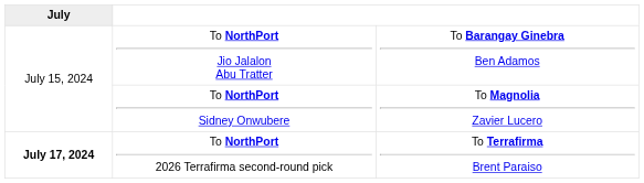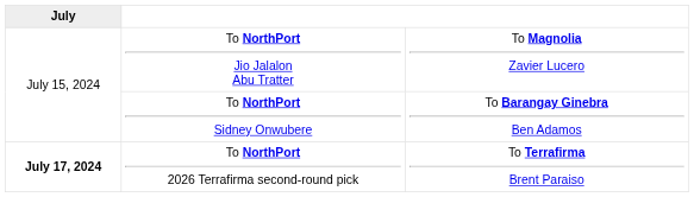 <table border=1 style="border-collapse:collapse; text-align: center; width: 100%" bordercolor="#DFDFDF"  cellpadding="5">
 <tr bgcolor="eeeeee">
 <th>July</th>
 </tr>
 <tr>
 <td style="width:12%" rowspan=2>July 15, 2024</td>
 <td style="width:29.3%" valign="top">To <strong><a href='#'>NorthPort</a></strong><hr><a href='#'>Jio Jalalon</a><br><a href='#'>Abu Tratter</a></td>
-<td style="width:29.3%" valign="top">To <strong><a href='#'>Barangay Ginebra</a></strong><hr><a href='#'>Ben Adamos</a></td>
+<td style="width:29.3%" valign="top">To <strong><a href='#'>Magnolia</a></strong><hr><a href='#'>Zavier Lucero</a></td>
 </tr>
 <tr>
 <td style="width:29.3%" valign="top">To <strong><a href='#'>NorthPort</a></strong><hr><a href='#'>Sidney Onwubere</a></td>
-<td style="width:29.3%" valign="top">To <strong><a href='#'>Magnolia</a></strong><hr><a href='#'>Zavier Lucero</a></td>
+<td style="width:29.3%" valign="top">To <strong><a href='#'>Barangay Ginebra</a></strong><hr><a href='#'>Ben Adamos</a></td>
 </tr>
 <tr>
 <td style="width:12%"><strong>July 17, 2024</strong></td>
 <td style="width:29.3%" valign="top">To <strong><a href='#'>NorthPort</a></strong><hr>2026 Terrafirma second-round pick</td>
 <td style="width:29.3%" valign="top">To <strong><a href='#'>Terrafirma</a></strong><hr><a href='#'>Brent Paraiso</a></td>
 </tr>
 </table>
